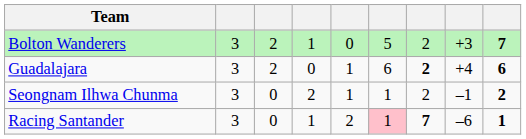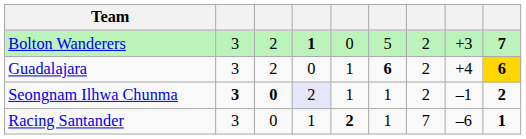 <table class="wikitable" border="1" style="text-align: center;">
 <tr>
 <th width=200>Team</th>
 <th width=30></th>
 <th width=30></th>
 <th width=30></th>
 <th width=30></th>
 <th width=30></th>
 <th width=30></th>
 <th width=30></th>
 <th width=30></th>
 </tr>
 <tr bgcolor=#bbf3bb>
 <td align=left> <a href='#'>Bolton Wanderers</a></td>
 <td>3</td>
 <td>2</td>
-<td>1</td>
+<td><strong>1</strong></td>
 <td>0</td>
 <td>5</td>
 <td>2</td>
 <td>+3</td>
 <td><strong>7</strong></td>
 </tr>
 <tr>
 <td align=left> <a href='#'>Guadalajara</a></td>
 <td>3</td>
 <td>2</td>
 <td>0</td>
 <td>1</td>
-<td>6</td>
-<td><strong>2</strong></td>
+<td><strong>6</strong></td>
+<td>2</td>
 <td>+4</td>
-<td><strong>6</strong></td>
+<td style="background: gold;"><strong>6</strong></td>
 </tr>
 <tr>
 <td align=left> <a href='#'>Seongnam Ilhwa Chunma</a></td>
-<td>3</td>
-<td>0</td>
-<td>2</td>
+<td><strong>3</strong></td>
+<td><strong>0</strong></td>
+<td style="background: lavender;">2</td>
 <td>1</td>
 <td>1</td>
 <td>2</td>
 <td>–1</td>
 <td><strong>2</strong></td>
 </tr>
 <tr>
 <td align=left> <a href='#'>Racing Santander</a></td>
 <td>3</td>
 <td>0</td>
 <td>1</td>
-<td>2</td>
-<td style="background: pink;">1</td>
-<td><strong>7</strong></td>
+<td><strong>2</strong></td>
+<td>1</td>
+<td>7</td>
 <td>–6</td>
 <td><strong>1</strong></td>
 </tr>
 </table>
